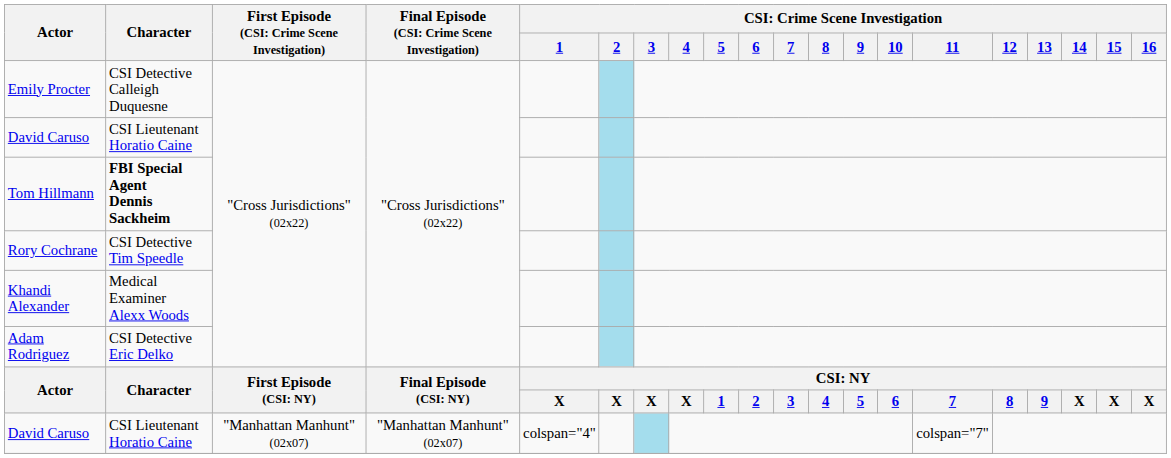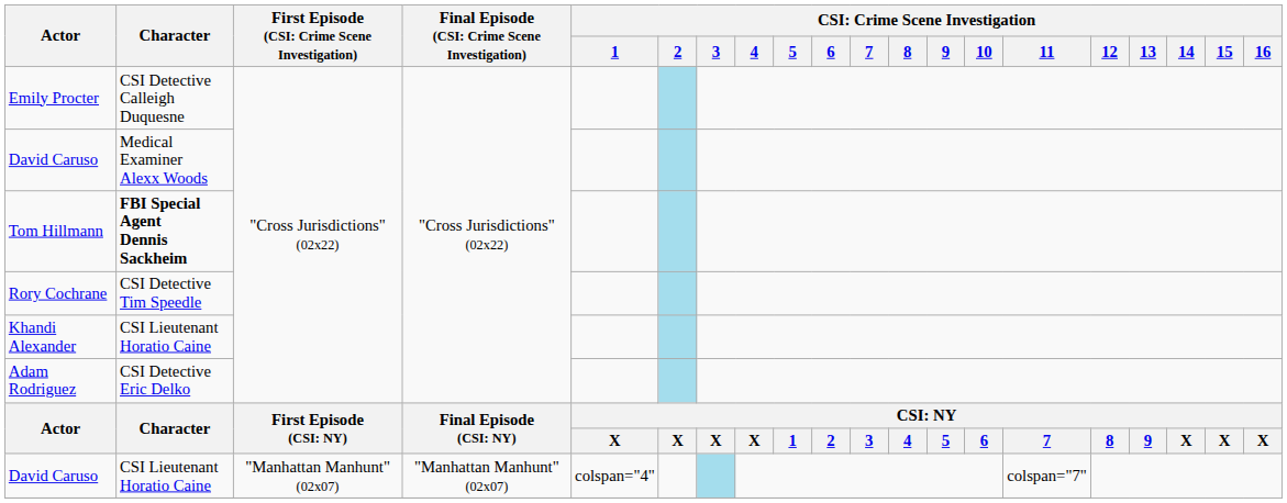 <table class="wikitable" style="width:100%;">
 <tr>
 <th rowspan="2">Actor</th>
 <th rowspan="2">Character</th>
 <th rowspan="2">First Episode<br><small>(CSI: Crime Scene Investigation)</small></th>
 <th rowspan="2">Final Episode<br><small>(CSI: Crime Scene Investigation)</small></th>
 <th colspan="16">CSI: Crime Scene Investigation</th>
 </tr>
 <tr>
 <th style="width:3%;"><a href='#'>1</a></th>
 <th style="width:3%;"><a href='#'>2</a></th>
 <th style="width:3%;"><a href='#'>3</a></th>
 <th style="width:3%;"><a href='#'>4</a></th>
 <th style="width:3%;"><a href='#'>5</a></th>
 <th style="width:3%;"><a href='#'>6</a></th>
 <th style="width:3%;"><a href='#'>7</a></th>
 <th style="width:3%;"><a href='#'>8</a></th>
 <th style="width:3%;"><a href='#'>9</a></th>
 <th style="width:3%;"><a href='#'>10</a></th>
 <th style="width:3%;"><a href='#'>11</a></th>
 <th style="width:3%;"><a href='#'>12</a></th>
 <th style="width:3%;"><a href='#'>13</a></th>
 <th style="width:3%;"><a href='#'>14</a></th>
 <th style="width:3%;"><a href='#'>15</a></th>
 <th style="width:3%;"><a href='#'>16</a></th>
 </tr>
 <tr>
 <td><a href='#'>Emily Procter</a></td>
 <td>CSI Detective<br>Calleigh Duquesne</td>
 <td rowspan="6" align="center">"Cross Jurisdictions"<br><small>(02x22)</small></td>
 <td rowspan="6" align="center">"Cross Jurisdictions"<br><small>(02x22)</small></td>
 <td></td>
 <td style="background:#A4DDED; text-align:center;"></td>
 <td colspan="14"></td>
 </tr>
 <tr>
 <td><a href='#'>David Caruso</a></td>
-<td>CSI Lieutenant<br><a href='#'>Horatio Caine</a></td>
+<td>Medical Examiner<br><a href='#'>Alexx Woods</a></td>
 <td></td>
 <td style="background:#A4DDED; text-align:center;"></td>
 <td colspan="14"></td>
 </tr>
 <tr>
 <td><a href='#'>Tom Hillmann</a></td>
 <td><strong>FBI Special Agent<br>Dennis Sackheim</strong></td>
 <td></td>
 <td style="background:#A4DDED; text-align:center;"></td>
 <td colspan="14"></td>
 </tr>
 <tr>
 <td><a href='#'>Rory Cochrane</a></td>
 <td>CSI Detective<br><a href='#'>Tim Speedle</a></td>
 <td></td>
 <td style="background:#A4DDED; text-align:center;"></td>
 <td colspan="14"></td>
 </tr>
 <tr>
 <td><a href='#'>Khandi Alexander</a></td>
-<td>Medical Examiner<br><a href='#'>Alexx Woods</a></td>
+<td>CSI Lieutenant<br><a href='#'>Horatio Caine</a></td>
 <td></td>
 <td style="background:#A4DDED; text-align:center;"></td>
 <td colspan="14"></td>
 </tr>
 <tr>
 <td><a href='#'>Adam Rodriguez</a></td>
 <td>CSI Detective<br><a href='#'>Eric Delko</a></td>
 <td></td>
 <td style="background:#A4DDED; text-align:center;"></td>
 <td colspan="14"></td>
 </tr>
 <tr>
 <th rowspan="2">Actor</th>
 <th rowspan="2">Character</th>
 <th rowspan="2">First Episode<br><small>(CSI: NY)</small></th>
 <th rowspan="2">Final Episode<br><small>(CSI: NY)</small></th>
 <th colspan="16">CSI: NY</th>
 </tr>
 <tr>
 <th style="width:3%;">X</th>
 <th style="width:3%;">X</th>
 <th style="width:3%;">X</th>
 <th style="width:3%;">X</th>
 <th style="width:3%;"><a href='#'>1</a></th>
 <th style="width:3%;"><a href='#'>2</a></th>
 <th style="width:3%;"><a href='#'>3</a></th>
 <th style="width:3%;"><a href='#'>4</a></th>
 <th style="width:3%;"><a href='#'>5</a></th>
 <th style="width:3%;"><a href='#'>6</a></th>
 <th style="width:3%;"><a href='#'>7</a></th>
 <th style="width:3%;"><a href='#'>8</a></th>
 <th style="width:3%;"><a href='#'>9</a></th>
 <th style="width:3%;">X</th>
 <th style="width:3%;">X</th>
 <th style="width:3%;">X</th>
 </tr>
 <tr>
 <td><a href='#'>David Caruso</a></td>
 <td>CSI Lieutenant<br><a href='#'>Horatio Caine</a></td>
 <td align="center">"Manhattan Manhunt"<br><small>(02x07)</small></td>
 <td align="center">"Manhattan Manhunt"<br><small>(02x07)</small></td>
 <td>colspan="4" </td>
 <td></td>
 <td style="background:#A4DDED; text-align:center;"></td>
 <td colspan="7"></td>
 <td>colspan="7" </td>
 </tr>
 <tr>
 </tr>
 </table>
